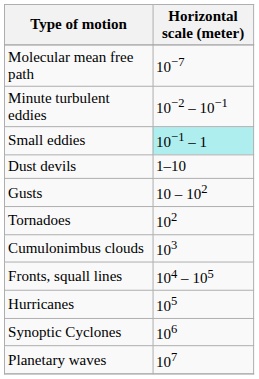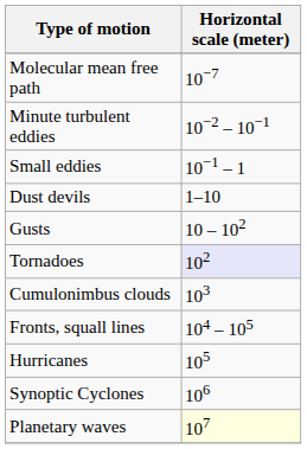 <table class="wikitable" style="border-spacing: 5px; margin:auto;">
 <tr>
 <th scope="col" style="width:150px;">Type of motion</th>
 <th scope="col" style="width:100px;">Horizontal scale (meter)</th>
 </tr>
 <tr>
 </tr>
 <tr>
 <td>Molecular mean free path</td>
 <td>10<sup>−7</sup></td>
 </tr>
 <tr>
 <td>Minute turbulent eddies</td>
 <td>10<sup>−2</sup> – 10<sup>−1</sup></td>
 </tr>
 <tr>
 <td>Small eddies</td>
-<td style="background: paleturquoise;">10<sup>−1</sup> – 1</td>
+<td>10<sup>−1</sup> – 1</td>
 </tr>
 <tr>
 <td>Dust devils</td>
 <td>1–10</td>
 </tr>
 <tr>
 <td>Gusts</td>
 <td>10 – 10<sup>2</sup></td>
 </tr>
 <tr>
 <td>Tornadoes</td>
-<td>10<sup>2</sup></td>
+<td style="background: lavender;">10<sup>2</sup></td>
 </tr>
 <tr>
 <td>Cumulonimbus clouds</td>
 <td>10<sup>3</sup></td>
 </tr>
 <tr>
 <td>Fronts, squall lines</td>
 <td>10<sup>4</sup> – 10<sup>5</sup></td>
 </tr>
 <tr>
 <td>Hurricanes</td>
 <td>10<sup>5</sup></td>
 </tr>
 <tr>
 <td>Synoptic Cyclones</td>
 <td>10<sup>6</sup></td>
 </tr>
 <tr>
 <td>Planetary waves</td>
-<td>10<sup>7</sup></td>
+<td style="background: lightyellow;">10<sup>7</sup></td>
 </tr>
 <tr>
 </tr>
 </table>
